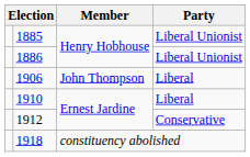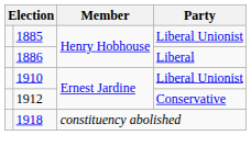 <table class="wikitable">
 <tr>
 <th colspan="2">Election</th>
 <th>Member</th>
 <th>Party</th>
 </tr>
 <tr>
 <td style="color:inherit;background-color: "></td>
 <td><a href='#'>1885</a></td>
 <td rowspan="2"><a href='#'>Henry Hobhouse</a></td>
 <td><a href='#'>Liberal Unionist</a></td>
 </tr>
 <tr>
 <td style="color:inherit;background-color: "></td>
 <td><a href='#'>1886</a></td>
-<td><a href='#'>Liberal Unionist</a></td>
-</tr>
-<tr>
-<td style="color:inherit;background-color: "></td>
-<td><a href='#'>1906</a></td>
-<td><a href='#'>John Thompson</a></td>
 <td><a href='#'>Liberal</a></td>
 </tr>
 <tr>
 <td style="color:inherit;background-color: "></td>
 <td><a href='#'>1910</a></td>
 <td rowspan=2><a href='#'>Ernest Jardine</a></td>
-<td><a href='#'>Liberal</a></td>
+<td><a href='#'>Liberal Unionist</a></td>
 </tr>
 <tr>
 <td style="color:inherit;background-color: "></td>
 <td>1912</td>
 <td><a href='#'>Conservative</a></td>
 </tr>
 <tr>
 <td></td>
 <td><a href='#'>1918</a></td>
 <td colspan="2"><em>constituency abolished</em></td>
 </tr>
 </table>
